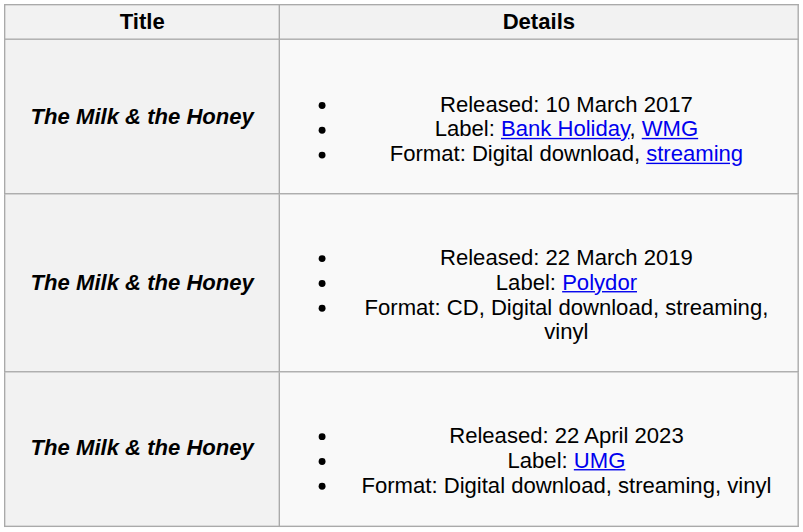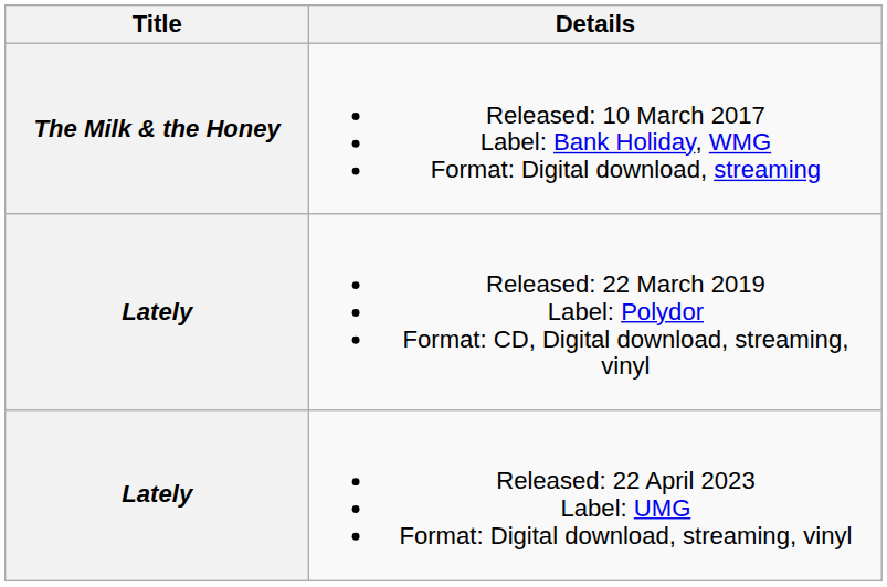 <table class="wikitable plainrowheaders" style="text-align:center;">
 <tr>
 <th scope="col" style="width:12em;">Title</th>
 <th scope="col" style="width:23em;">Details</th>
 </tr>
 <tr>
 <th scope="row"><em>The Milk & the Honey</em></th>
 <td><br><ul><li>Released: 10 March 2017</li><li>Label: <a href='#'>Bank Holiday</a>, <a href='#'>WMG</a></li><li>Format: Digital download, <a href='#'>streaming</a></li></ul></td>
 </tr>
 <tr>
-<th scope="row"><em>The Milk & the Honey</em></th>
+<th scope="row"><em>Lately</em></th>
 <td><br><ul><li>Released: 22 March 2019</li><li>Label: <a href='#'>Polydor</a></li><li>Format: CD, Digital download, streaming, vinyl</li></ul></td>
 </tr>
 <tr>
-<th scope="row"><em>The Milk & the Honey</em></th>
+<th scope="row"><em>Lately</em></th>
 <td><br><ul><li>Released: 22 April 2023</li><li>Label: <a href='#'>UMG</a></li><li>Format: Digital download, streaming, vinyl</li></ul></td>
 </tr>
 </table>
